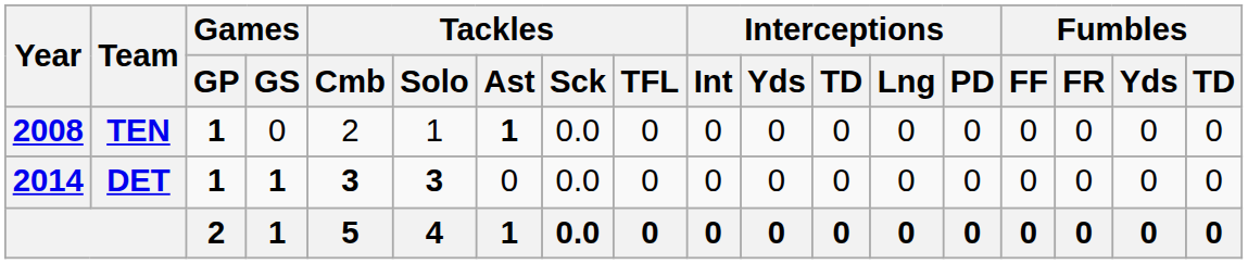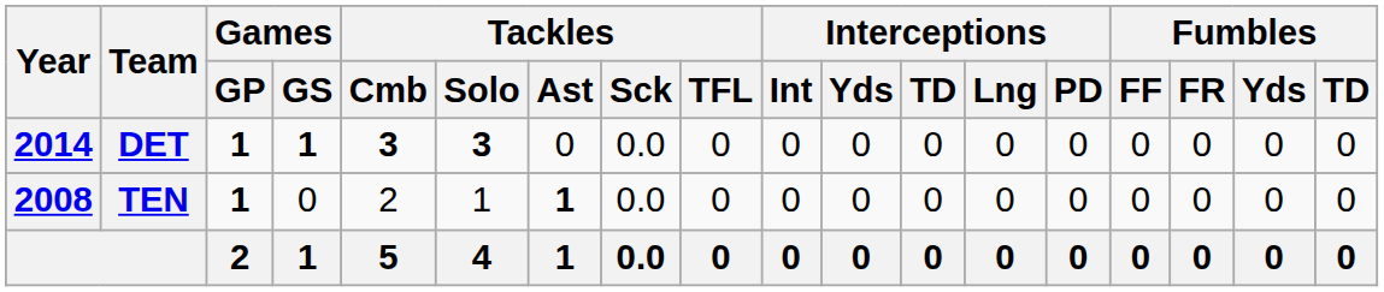 <table class="wikitable" style="text-align:center">
 <tr>
 <th rowspan="2">Year</th>
 <th rowspan="2">Team</th>
 <th colspan="2">Games</th>
 <th colspan="5">Tackles</th>
 <th colspan="5">Interceptions</th>
 <th colspan="4">Fumbles</th>
 </tr>
 <tr>
 <th>GP</th>
 <th>GS</th>
 <th>Cmb</th>
 <th>Solo</th>
 <th>Ast</th>
 <th>Sck</th>
 <th>TFL</th>
 <th>Int</th>
 <th>Yds</th>
 <th>TD</th>
 <th>Lng</th>
 <th>PD</th>
 <th>FF</th>
 <th>FR</th>
 <th>Yds</th>
 <th>TD</th>
 </tr>
 <tr>
-<th><a href='#'>2008</a></th>
-<th><a href='#'>TEN</a></th>
+<th><a href='#'>2014</a></th>
+<th><a href='#'>DET</a></th>
 <td><strong>1</strong></td>
+<td><strong>1</strong></td>
+<td><strong>3</strong></td>
+<td><strong>3</strong></td>
 <td>0</td>
-<td>2</td>
-<td>1</td>
-<td><strong>1</strong></td>
 <td>0.0</td>
 <td>0</td>
 <td>0</td>
 <td>0</td>
 <td>0</td>
 <td>0</td>
 <td>0</td>
 <td>0</td>
 <td>0</td>
 <td>0</td>
 <td>0</td>
 </tr>
 <tr>
-<th><a href='#'>2014</a></th>
-<th><a href='#'>DET</a></th>
+<th><a href='#'>2008</a></th>
+<th><a href='#'>TEN</a></th>
 <td><strong>1</strong></td>
+<td>0</td>
+<td>2</td>
+<td>1</td>
 <td><strong>1</strong></td>
-<td><strong>3</strong></td>
-<td><strong>3</strong></td>
-<td>0</td>
 <td>0.0</td>
 <td>0</td>
 <td>0</td>
 <td>0</td>
 <td>0</td>
 <td>0</td>
 <td>0</td>
 <td>0</td>
 <td>0</td>
 <td>0</td>
 <td>0</td>
 </tr>
 <tr>
 <th colspan="2"></th>
 <th>2</th>
 <th>1</th>
 <th>5</th>
 <th>4</th>
 <th>1</th>
 <th>0.0</th>
 <th>0</th>
 <th>0</th>
 <th>0</th>
 <th>0</th>
 <th>0</th>
 <th>0</th>
 <th>0</th>
 <th>0</th>
 <th>0</th>
 <th>0</th>
 </tr>
 </table>
